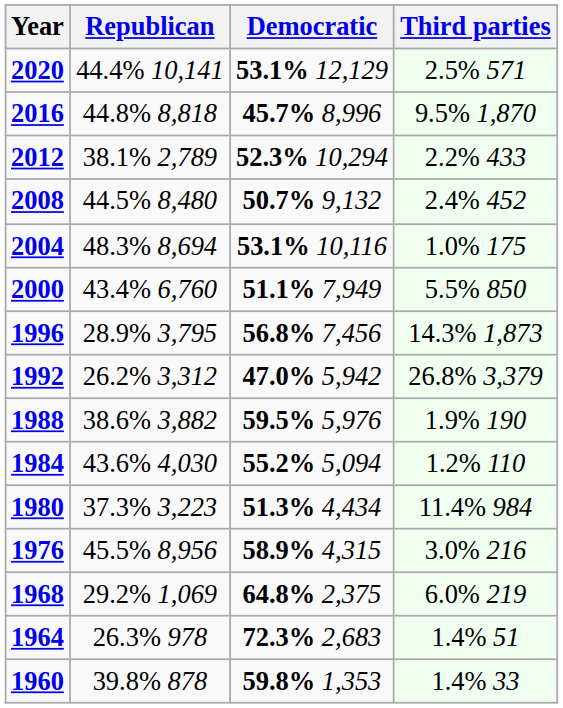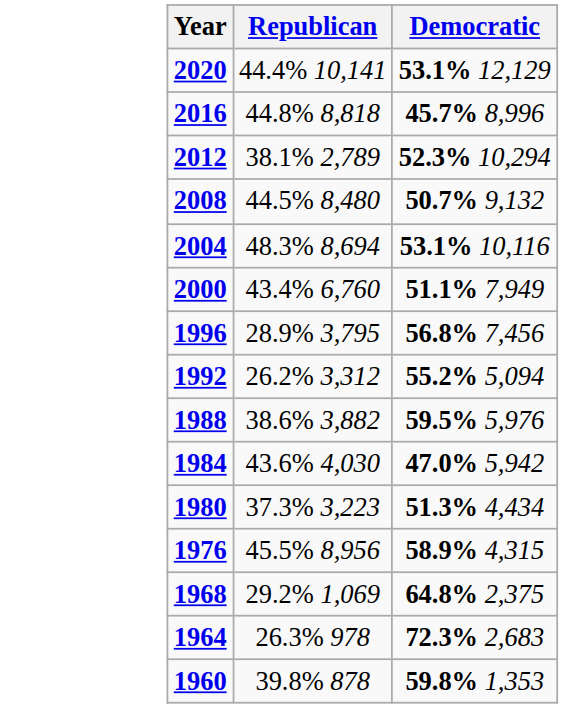 <table class="wikitable" style="float:right; font-size:95%;">
 <tr bgcolor=lightgrey>
 <th>Year</th>
 <th><a href='#'>Republican</a></th>
 <th><a href='#'>Democratic</a></th>
-<th><a href='#'>Third parties</a></th>
 </tr>
 <tr>
 <td style="text-align:center;" ><strong><a href='#'>2020</a></strong></td>
 <td style="text-align:center;" >44.4% <em>10,141</em></td>
 <td style="text-align:center;" ><strong>53.1%</strong> <em>12,129</em></td>
-<td style="text-align:center; background:honeyDew;">2.5% <em>571</em></td>
 </tr>
 <tr>
 <td style="text-align:center;" ><strong><a href='#'>2016</a></strong></td>
 <td style="text-align:center;" >44.8% <em>8,818</em></td>
 <td style="text-align:center;" ><strong>45.7%</strong> <em>8,996</em></td>
-<td style="text-align:center; background:honeyDew;">9.5% <em>1,870</em></td>
 </tr>
 <tr>
 <td style="text-align:center;" ><strong><a href='#'>2012</a></strong></td>
 <td style="text-align:center;" >38.1% <em>2,789</em></td>
 <td style="text-align:center;" ><strong>52.3%</strong> <em>10,294</em></td>
-<td style="text-align:center; background:honeyDew;">2.2% <em>433</em></td>
 </tr>
 <tr>
 <td style="text-align:center;" ><strong><a href='#'>2008</a></strong></td>
 <td style="text-align:center;" >44.5% <em>8,480</em></td>
 <td style="text-align:center;" ><strong>50.7%</strong> <em>9,132</em></td>
-<td style="text-align:center; background:honeyDew;">2.4% <em>452</em></td>
 </tr>
 <tr>
 <td style="text-align:center;" ><strong><a href='#'>2004</a></strong></td>
 <td style="text-align:center;" >48.3% <em>8,694</em></td>
 <td style="text-align:center;" ><strong>53.1%</strong> <em>10,116</em></td>
-<td style="text-align:center; background:honeyDew;">1.0% <em>175</em></td>
 </tr>
 <tr>
 <td style="text-align:center;" ><strong><a href='#'>2000</a></strong></td>
 <td style="text-align:center;" >43.4% <em>6,760</em></td>
 <td style="text-align:center;" ><strong>51.1%</strong> <em>7,949</em></td>
-<td style="text-align:center; background:honeyDew;">5.5% <em>850</em></td>
 </tr>
 <tr>
 <td style="text-align:center;" ><strong><a href='#'>1996</a></strong></td>
 <td style="text-align:center;" >28.9% <em>3,795</em></td>
 <td style="text-align:center;" ><strong>56.8%</strong> <em>7,456</em></td>
-<td style="text-align:center; background:honeyDew;">14.3% <em>1,873</em></td>
 </tr>
 <tr>
 <td style="text-align:center;" ><strong><a href='#'>1992</a></strong></td>
 <td style="text-align:center;" >26.2% <em>3,312</em></td>
-<td style="text-align:center;" ><strong>47.0%</strong> <em>5,942</em></td>
-<td style="text-align:center; background:honeyDew;">26.8% <em>3,379</em></td>
+<td style="text-align:center;" ><strong>55.2%</strong> <em>5,094</em></td>
 </tr>
 <tr>
 <td style="text-align:center;" ><strong><a href='#'>1988</a></strong></td>
 <td style="text-align:center;" >38.6% <em>3,882</em></td>
 <td style="text-align:center;" ><strong>59.5%</strong> <em>5,976</em></td>
-<td style="text-align:center; background:honeyDew;">1.9% <em>190</em></td>
 </tr>
 <tr>
 <td style="text-align:center;" ><strong><a href='#'>1984</a></strong></td>
 <td style="text-align:center;" >43.6% <em>4,030</em></td>
-<td style="text-align:center;" ><strong>55.2%</strong> <em>5,094</em></td>
-<td style="text-align:center; background:honeyDew;">1.2% <em>110</em></td>
+<td style="text-align:center;" ><strong>47.0%</strong> <em>5,942</em></td>
 </tr>
 <tr>
 <td style="text-align:center;" ><strong><a href='#'>1980</a></strong></td>
 <td style="text-align:center;" >37.3% <em>3,223</em></td>
 <td style="text-align:center;" ><strong>51.3%</strong> <em>4,434</em></td>
-<td style="text-align:center; background:honeyDew;">11.4% <em>984</em></td>
 </tr>
 <tr>
 <td style="text-align:center;" ><strong><a href='#'>1976</a></strong></td>
 <td style="text-align:center;" >45.5% <em>8,956</em></td>
 <td style="text-align:center;" ><strong>58.9%</strong> <em>4,315</em></td>
-<td style="text-align:center; background:honeyDew;">3.0% <em>216</em></td>
 </tr>
 <tr>
 <td style="text-align:center;" ><strong><a href='#'>1968</a></strong></td>
 <td style="text-align:center;" >29.2% <em>1,069</em></td>
 <td style="text-align:center;" ><strong>64.8%</strong> <em>2,375</em></td>
-<td style="text-align:center; background:honeyDew;">6.0% <em>219</em></td>
 </tr>
 <tr>
 <td style="text-align:center;" ><strong><a href='#'>1964</a></strong></td>
 <td style="text-align:center;" >26.3% <em>978</em></td>
 <td style="text-align:center;" ><strong>72.3%</strong> <em>2,683</em></td>
-<td style="text-align:center; background:honeyDew;">1.4% <em>51</em></td>
 </tr>
 <tr>
 <td style="text-align:center;" ><strong><a href='#'>1960</a></strong></td>
 <td style="text-align:center;" >39.8% <em>878</em></td>
 <td style="text-align:center;" ><strong>59.8%</strong> <em>1,353</em></td>
-<td style="text-align:center; background:honeyDew;">1.4% <em>33</em></td>
 </tr>
 </table>
